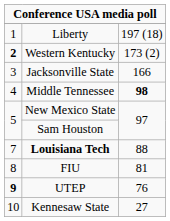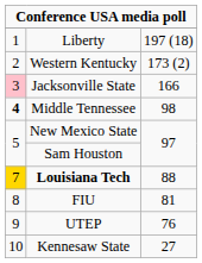 <table class="wikitable" style="display: inline-table;">
 <tr>
 <td align="center" Colspan="3"><strong>Conference USA media poll</strong></td>
 </tr>
 <tr align="center">
 </tr>
 <tr align="center">
 <td>1</td>
 <td>Liberty</td>
 <td>197 (18)</td>
 </tr>
 <tr align="center">
-<td><strong>2</strong></td>
+<td>2</td>
 <td>Western Kentucky</td>
 <td>173 (2)</td>
 </tr>
 <tr align="center">
-<td>3</td>
+<td style="background: pink;">3</td>
 <td>Jacksonville State</td>
 <td>166</td>
 </tr>
 <tr align="center">
-<td>4</td>
+<td><strong>4</strong></td>
 <td>Middle Tennessee</td>
-<td><strong>98</strong></td>
+<td>98</td>
 </tr>
 <tr align="center">
 <td rowspan="2">5</td>
 <td>New Mexico State</td>
 <td rowspan="2">97</td>
 </tr>
 <tr align="center">
 <td>Sam Houston</td>
 </tr>
 <tr align="center">
-<td>7</td>
+<td style="background: gold;">7</td>
 <td><strong>Louisiana Tech</strong></td>
 <td>88</td>
 </tr>
 <tr align="center">
 <td>8</td>
 <td>FIU</td>
 <td>81</td>
 </tr>
 <tr align="center">
-<td><strong>9</strong></td>
+<td>9</td>
 <td>UTEP</td>
 <td>76</td>
 </tr>
 <tr align="center">
 <td>10</td>
 <td>Kennesaw State</td>
 <td>27</td>
 </tr>
 </table>
